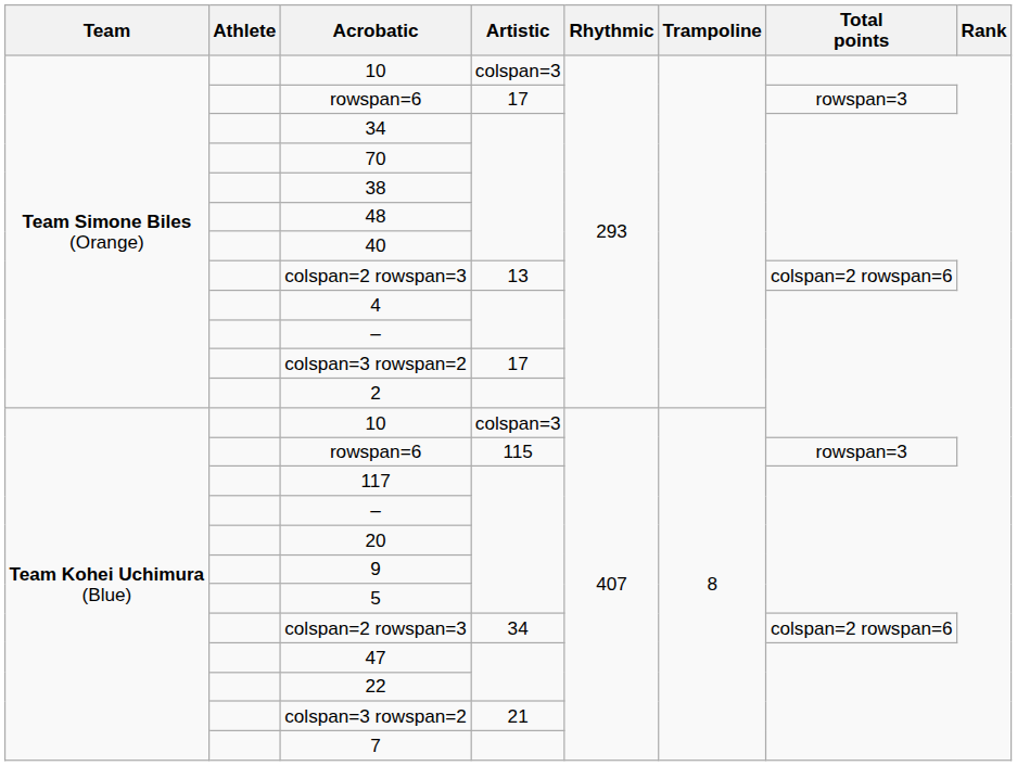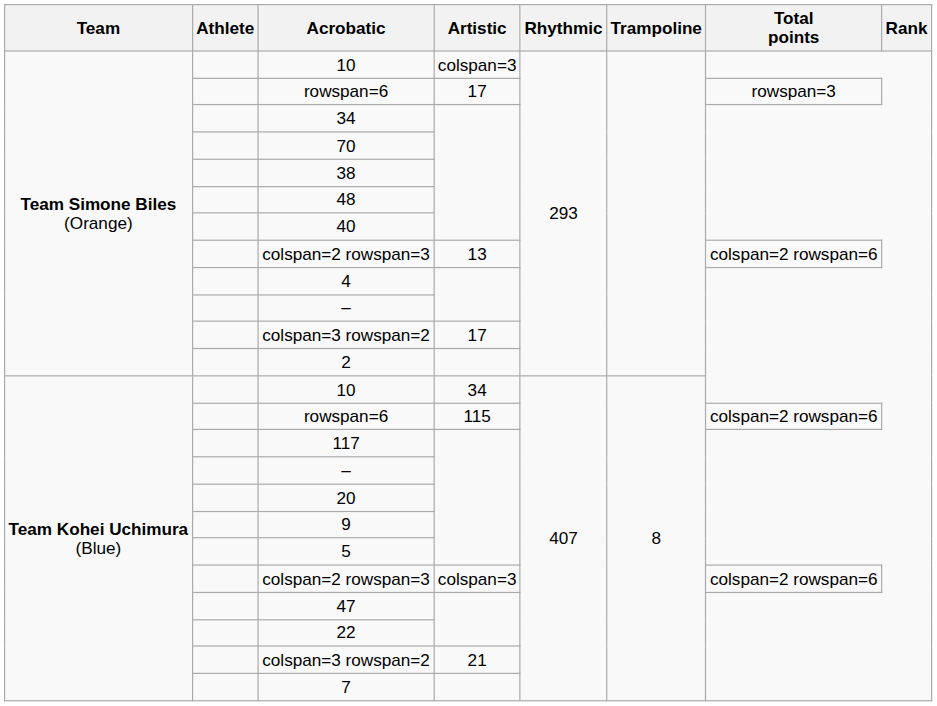 <table class="wikitable" style="text-align:center;font-size:90%">
 <tr>
 <th>Team</th>
 <th>Athlete</th>
 <th>Acrobatic</th>
 <th>Artistic</th>
 <th>Rhythmic</th>
 <th>Trampoline</th>
 <th>Total<br>points</th>
 <th>Rank</th>
 </tr>
 <tr>
 <td rowspan=12><strong>Team Simone Biles</strong><br>(Orange)</td>
 <td align=left><br></td>
 <td>10</td>
 <td>colspan=3 </td>
 <td rowspan=12>293</td>
 <td rowspan=12></td>
 </tr>
 <tr>
 <td align=left></td>
 <td>rowspan=6 </td>
 <td>17</td>
 <td>rowspan=3 </td>
 </tr>
 <tr>
 <td align=left></td>
 <td>34</td>
 </tr>
 <tr>
 <td align=left></td>
 <td>70</td>
 </tr>
 <tr>
 <td align=left></td>
 <td>38</td>
 </tr>
 <tr>
 <td align=left></td>
 <td>48</td>
 </tr>
 <tr>
 <td align=left></td>
 <td>40</td>
 </tr>
 <tr>
 <td align=left></td>
 <td>colspan=2 rowspan=3 </td>
 <td>13</td>
 <td>colspan=2 rowspan=6 </td>
 </tr>
 <tr>
 <td align=left></td>
 <td>4</td>
 </tr>
 <tr>
 <td align=left></td>
 <td>–</td>
 </tr>
 <tr>
 <td align=left></td>
 <td>colspan=3 rowspan=2 </td>
 <td>17</td>
 </tr>
 <tr>
 <td align=left></td>
 <td>2</td>
 </tr>
 <tr>
 <td rowspan=12><strong>Team Kohei Uchimura</strong><br>(Blue)</td>
 <td align=left><br></td>
 <td>10</td>
-<td>colspan=3 </td>
+<td>34</td>
 <td rowspan=12>407</td>
 <td rowspan=12>8</td>
 </tr>
 <tr align=center>
 <td align=left></td>
 <td>rowspan=6 </td>
 <td>115</td>
-<td>rowspan=3 </td>
+<td>colspan=2 rowspan=6 </td>
 </tr>
 <tr align=center>
 <td align=left></td>
 <td>117</td>
 </tr>
 <tr align=center>
 <td align=left></td>
 <td>–</td>
 </tr>
 <tr align=center>
 <td align=left></td>
 <td>20</td>
 </tr>
 <tr align=center>
 <td align=left></td>
 <td>9</td>
 </tr>
 <tr align=center>
 <td align=left></td>
 <td>5</td>
 </tr>
 <tr align=center>
 <td align=left></td>
 <td>colspan=2 rowspan=3 </td>
-<td>34</td>
+<td>colspan=3 </td>
 <td>colspan=2 rowspan=6 </td>
 </tr>
 <tr align=center>
 <td align=left></td>
 <td>47</td>
 </tr>
 <tr align=center>
 <td align=left></td>
 <td>22</td>
 </tr>
 <tr align=center>
 <td align=left></td>
 <td>colspan=3 rowspan=2 </td>
 <td>21</td>
 </tr>
 <tr align=center>
 <td align=left></td>
 <td>7</td>
 </tr>
 </table>
